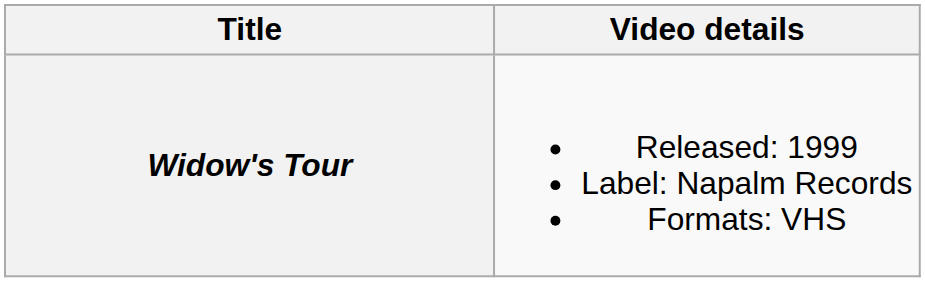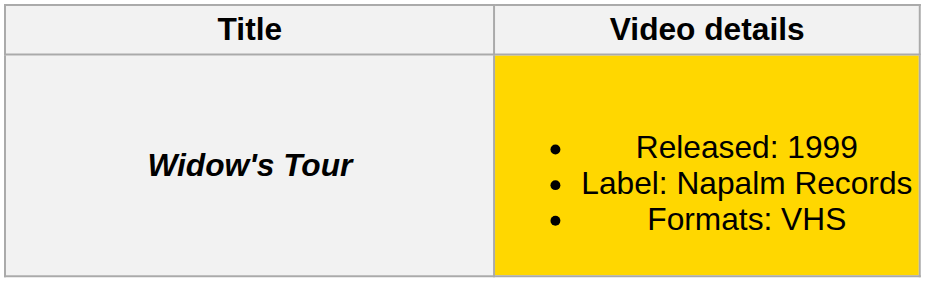 <table class="wikitable plainrowheaders" style="text-align:center;">
 <tr>
 <th scope="col" style="width:15em;">Title</th>
 <th scope="col">Video details</th>
 </tr>
 <tr>
 <th scope="row"><em>Widow's Tour</em></th>
-<td><br><ul><li>Released: 1999</li><li>Label: Napalm Records</li><li>Formats: VHS</li></ul></td>
+<td style="background: gold;"><br><ul><li>Released: 1999</li><li>Label: Napalm Records</li><li>Formats: VHS</li></ul></td>
 </tr>
 </table>
